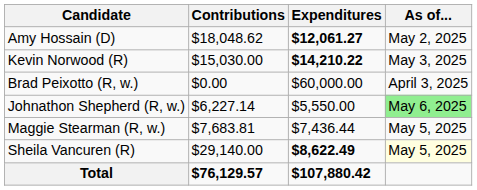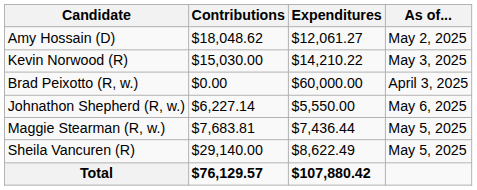 <table class="wikitable col2right col3right">
 <tr>
 <th>Candidate</th>
 <th>Contributions</th>
 <th>Expenditures</th>
 <th>As of...</th>
 </tr>
 <tr>
 <td>Amy Hossain (D)</td>
 <td>$18,048.62</td>
-<td><strong>$12,061.27</strong></td>
+<td>$12,061.27</td>
 <td>May 2, 2025</td>
 </tr>
 <tr>
 <td>Kevin Norwood (R)</td>
 <td>$15,030.00</td>
-<td><strong>$14,210.22</strong></td>
+<td>$14,210.22</td>
 <td>May 3, 2025</td>
 </tr>
 <tr>
 <td>Brad Peixotto (R, w.)</td>
 <td>$0.00</td>
 <td>$60,000.00</td>
 <td>April 3, 2025</td>
 </tr>
 <tr>
 <td>Johnathon Shepherd (R, w.)</td>
 <td>$6,227.14</td>
 <td>$5,550.00</td>
-<td style="background: lightgreen;">May 6, 2025</td>
+<td>May 6, 2025</td>
 </tr>
 <tr>
 <td>Maggie Stearman (R, w.)</td>
 <td>$7,683.81</td>
 <td>$7,436.44</td>
 <td>May 5, 2025</td>
 </tr>
 <tr>
 <td>Sheila Vancuren (R)</td>
 <td>$29,140.00</td>
-<td><strong>$8,622.49</strong></td>
-<td style="background: lightyellow;">May 5, 2025</td>
+<td>$8,622.49</td>
+<td>May 5, 2025</td>
 </tr>
 <tr>
 <th>Total</th>
 <td><strong>$76,129.57</strong></td>
 <td><strong>$107,880.42</strong></td>
 </tr>
 </table>
